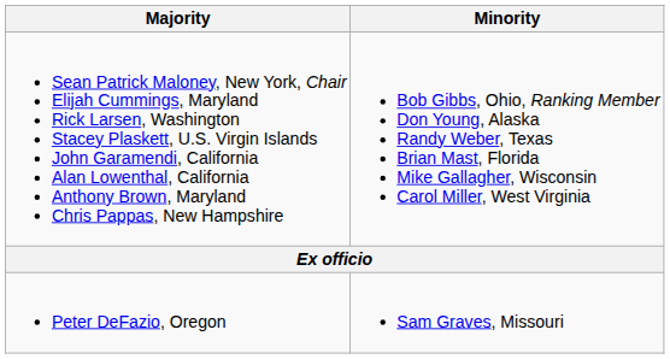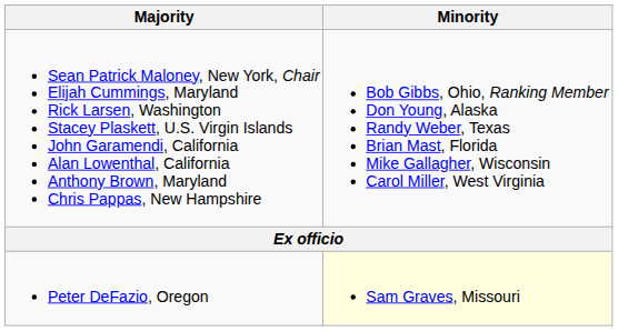 <table class=wikitable>
 <tr>
 <th>Majority</th>
 <th>Minority</th>
 </tr>
 <tr>
 <td><br><ul><li><a href='#'>Sean Patrick Maloney</a>, New York, <em>Chair</em></li><li><a href='#'>Elijah Cummings</a>, Maryland</li><li><a href='#'>Rick Larsen</a>, Washington</li><li><a href='#'>Stacey Plaskett</a>, U.S. Virgin Islands</li><li><a href='#'>John Garamendi</a>, California</li><li><a href='#'>Alan Lowenthal</a>, California</li><li><a href='#'>Anthony Brown</a>, Maryland</li><li><a href='#'>Chris Pappas</a>, New Hampshire</li></ul></td>
 <td><br><ul><li><a href='#'>Bob Gibbs</a>, Ohio, <em>Ranking Member</em></li><li><a href='#'>Don Young</a>, Alaska</li><li><a href='#'>Randy Weber</a>, Texas</li><li><a href='#'>Brian Mast</a>, Florida</li><li><a href='#'>Mike Gallagher</a>, Wisconsin</li><li><a href='#'>Carol Miller</a>, West Virginia</li></ul></td>
 </tr>
 <tr>
 <th colspan=2><em>Ex officio</em></th>
 </tr>
 <tr>
 <td><br><ul><li><a href='#'>Peter DeFazio</a>, Oregon</li></ul></td>
-<td><br><ul><li><a href='#'>Sam Graves</a>, Missouri</li></ul></td>
+<td style="background: lightyellow;"><br><ul><li><a href='#'>Sam Graves</a>, Missouri</li></ul></td>
 </tr>
 </table>
